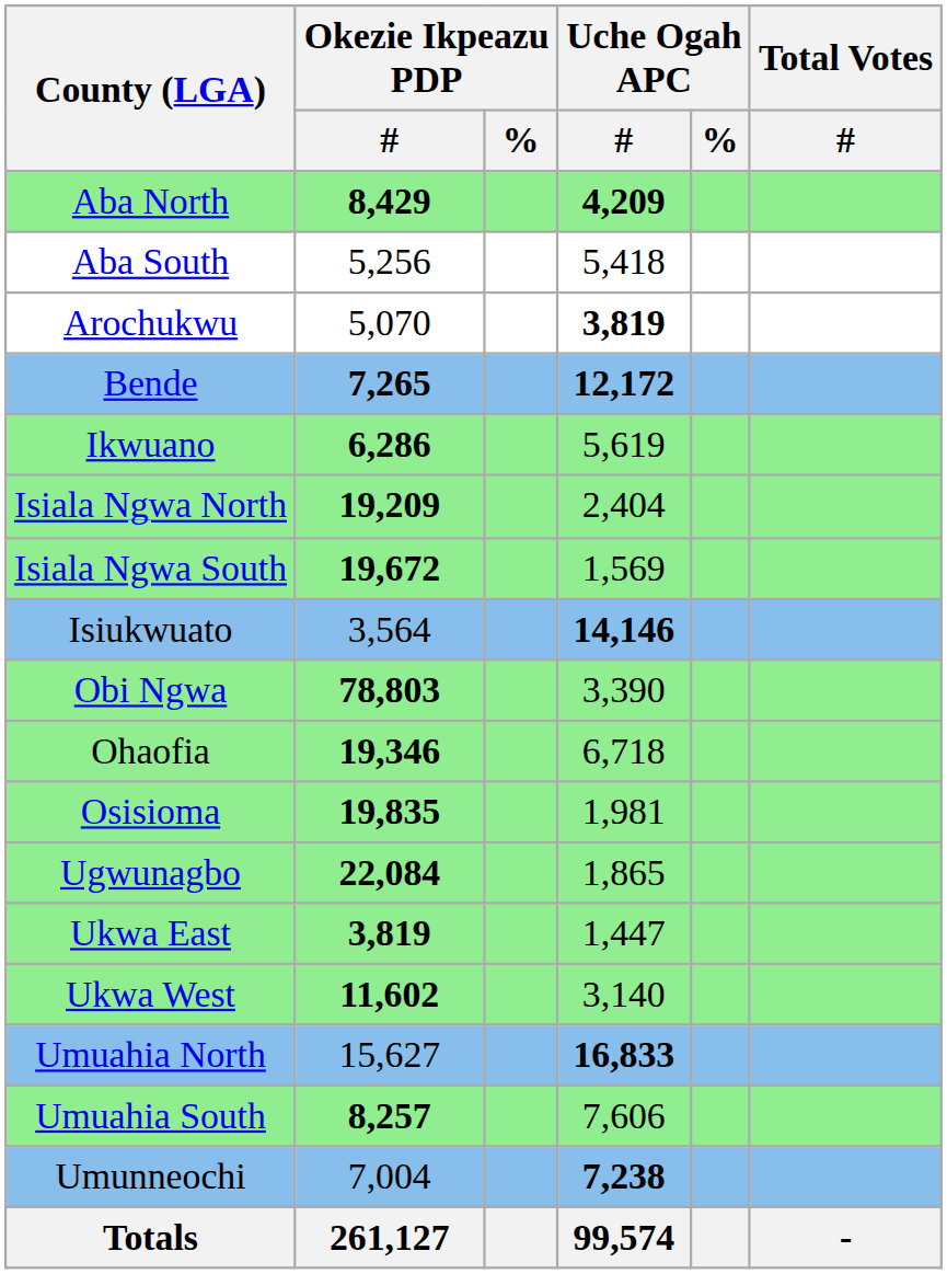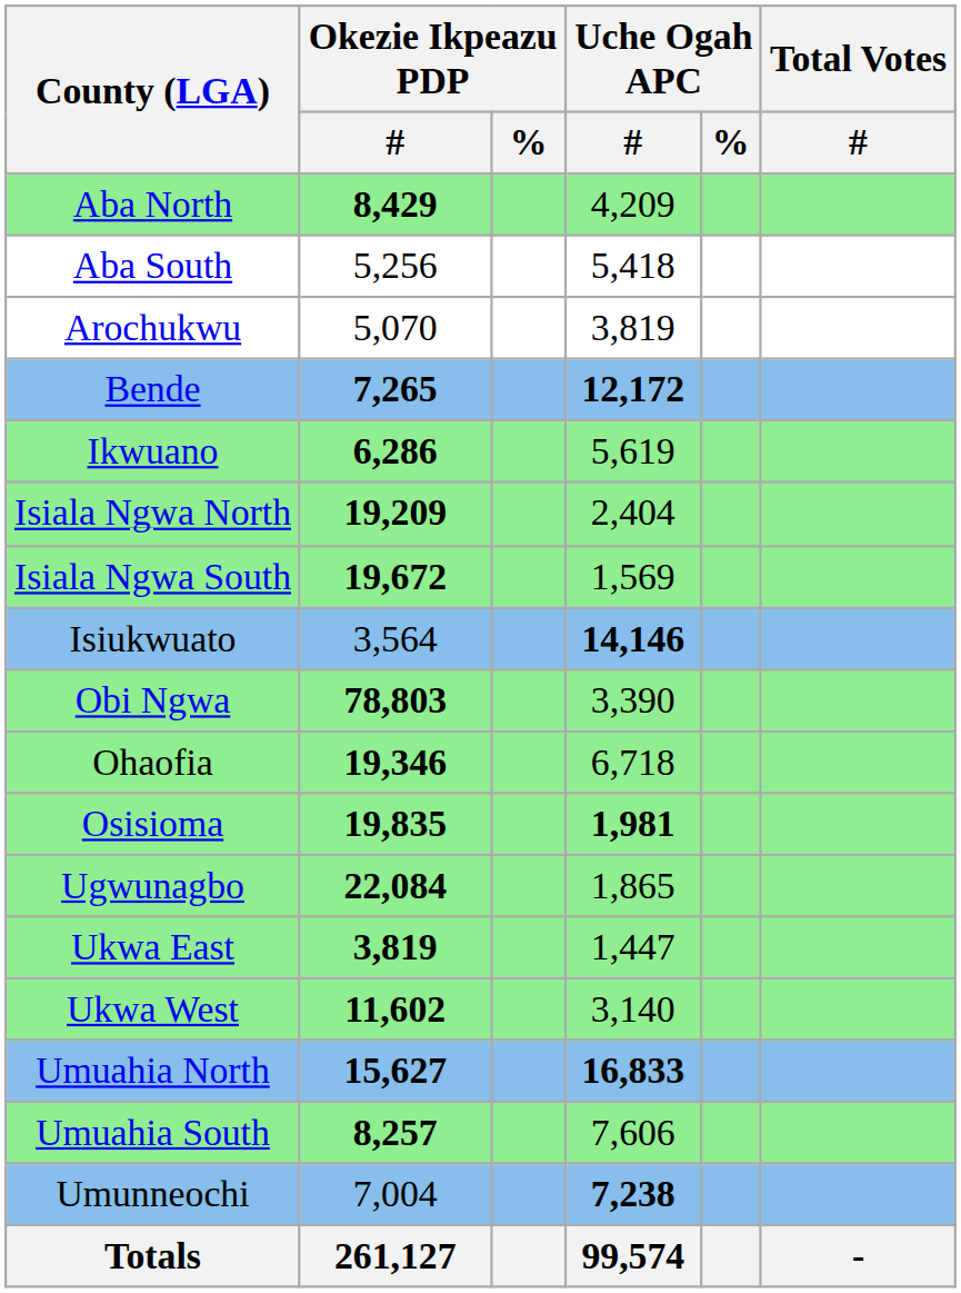 <table class="wikitable sortable" style=" font-size: 95%">
 <tr>
 <th rowspan="2">County (<a href='#'>LGA</a>)</th>
 <th colspan="2">Okezie Ikpeazu<br>PDP</th>
 <th colspan="2">Uche Ogah<br>APC</th>
 <th>Total Votes</th>
 </tr>
 <tr>
 <th>#</th>
 <th>%</th>
 <th>#</th>
 <th>%</th>
 <th>#</th>
 </tr>
 <tr>
 <td bgcolor=#90EE90 align="center"><a href='#'>Aba North</a></td>
 <td bgcolor=#90EE90 align="center"><strong>8,429</strong></td>
 <td bgcolor=#90EE90 align="center"></td>
-<td bgcolor=#90EE90 align="center"><strong>4,209</strong></td>
+<td bgcolor=#90EE90 align="center">4,209</td>
 <td bgcolor=#90EE90 align="center"></td>
 <td bgcolor=#90EE90 align="center"></td>
 </tr>
 <tr>
 <td bgcolor=#FFFFFF align="center"><a href='#'>Aba South</a></td>
 <td bgcolor=#FFFFFF align="center">5,256</td>
 <td bgcolor=#FFFFFF align="center"></td>
 <td bgcolor=#FFFFFF align="center">5,418</td>
 <td bgcolor=#FFFFFF align="center"></td>
 <td bgcolor=#FFFFFF align="center"></td>
 </tr>
 <tr>
 <td bgcolor=#FFFFFF align="center"><a href='#'>Arochukwu</a></td>
 <td bgcolor=#FFFFFF align="center">5,070</td>
 <td bgcolor=#FFFFFF align="center"></td>
-<td bgcolor=#FFFFFF align="center"><strong>3,819</strong></td>
+<td bgcolor=#FFFFFF align="center">3,819</td>
 <td bgcolor=#FFFFFF align="center"></td>
 <td bgcolor=#FFFFFF align="center"></td>
 </tr>
 <tr>
 <td bgcolor=#87BEEB align="center"><a href='#'>Bende</a></td>
 <td bgcolor=#87BEEB align="center"><strong>7,265</strong></td>
 <td bgcolor=#87BEEB align="center"></td>
 <td bgcolor=#87BEEB align="center"><strong>12,172</strong></td>
 <td bgcolor=#87BEEB align="center"></td>
 <td bgcolor=#87BEEB align="center"></td>
 </tr>
 <tr>
 <td bgcolor=#90EE90 align="center"><a href='#'>Ikwuano</a></td>
 <td bgcolor=#90EE90 align="center"><strong>6,286</strong></td>
 <td bgcolor=#90EE90 align="center"></td>
 <td bgcolor=#90EE90 align="center">5,619</td>
 <td bgcolor=#90EE90 align="center"></td>
 <td bgcolor=#90EE90 align="center"></td>
 </tr>
 <tr>
 <td bgcolor=#90EE90 align="center"><a href='#'>Isiala Ngwa North</a></td>
 <td bgcolor=#90EE90 align="center"><strong>19,209</strong></td>
 <td bgcolor=#90EE90 align="center"></td>
 <td bgcolor=#90EE90 align="center">2,404</td>
 <td bgcolor=#90EE90 align="center"></td>
 <td bgcolor=#90EE90 align="center"></td>
 </tr>
 <tr>
 <td bgcolor=#90EE90 align="center"><a href='#'>Isiala Ngwa South</a></td>
 <td bgcolor=#90EE90 align="center"><strong>19,672</strong></td>
 <td bgcolor=#90EE90 align="center"></td>
 <td bgcolor=#90EE90 align="center">1,569</td>
 <td bgcolor=#90EE90 align="center"></td>
 <td bgcolor=#90EE90 align="center"></td>
 </tr>
 <tr>
 <td bgcolor=#87BEEB align="center">Isiukwuato</td>
 <td bgcolor=#87BEEB align="center">3,564</td>
 <td bgcolor=#87BEEB align="center"></td>
 <td bgcolor=#87BEEB align="center"><strong>14,146</strong></td>
 <td bgcolor=#87BEEB align="center"></td>
 <td bgcolor=#87BEEB align="center"></td>
 </tr>
 <tr>
 <td bgcolor=#90EE90 align="center"><a href='#'>Obi Ngwa</a></td>
 <td bgcolor=#90EE90 align="center"><strong>78,803</strong></td>
 <td bgcolor=#90EE90 align="center"></td>
 <td bgcolor=#90EE90 align="center">3,390</td>
 <td bgcolor=#90EE90 align="center"></td>
 <td bgcolor=#90EE90 align="center"></td>
 </tr>
 <tr>
 <td bgcolor=#90EE90 align="center">Ohaofia</td>
 <td bgcolor=#90EE90 align="center"><strong>19,346</strong></td>
 <td bgcolor=#90EE90 align="center"></td>
 <td bgcolor=#90EE90 align="center">6,718</td>
 <td bgcolor=#90EE90 align="center"></td>
 <td bgcolor=#90EE90 align="center"></td>
 </tr>
 <tr>
 <td bgcolor=#90EE90 align="center"><a href='#'>Osisioma</a></td>
 <td bgcolor=#90EE90 align="center"><strong>19,835</strong></td>
 <td bgcolor=#90EE90 align="center"></td>
-<td bgcolor=#90EE90 align="center">1,981</td>
+<td bgcolor=#90EE90 align="center"><strong>1,981</strong></td>
 <td bgcolor=#90EE90 align="center"></td>
 <td bgcolor=#90EE90 align="center"></td>
 </tr>
 <tr>
 <td bgcolor=#90EE90 align="center"><a href='#'>Ugwunagbo</a></td>
 <td bgcolor=#90EE90 align="center"><strong>22,084</strong></td>
 <td bgcolor=#90EE90 align="center"></td>
 <td bgcolor=#90EE90 align="center">1,865</td>
 <td bgcolor=#90EE90 align="center"></td>
 <td bgcolor=#90EE90 align="center"></td>
 </tr>
 <tr>
 <td bgcolor=#90EE90 align="center"><a href='#'>Ukwa East</a></td>
 <td bgcolor=#90EE90 align="center"><strong>3,819</strong></td>
 <td bgcolor=#90EE90 align="center"></td>
 <td bgcolor=#90EE90 align="center">1,447</td>
 <td bgcolor=#90EE90 align="center"></td>
 <td bgcolor=#90EE90 align="center"></td>
 </tr>
 <tr>
 <td bgcolor=#90EE90 align="center"><a href='#'>Ukwa West</a></td>
 <td bgcolor=#90EE90 align="center"><strong>11,602</strong></td>
 <td bgcolor=#90EE90 align="center"></td>
 <td bgcolor=#90EE90 align="center">3,140</td>
 <td bgcolor=#90EE90 align="center"></td>
 <td bgcolor=#90EE90 align="center"></td>
 </tr>
 <tr>
 <td bgcolor=#87BEEB align="center"><a href='#'>Umuahia North</a></td>
-<td bgcolor=#87BEEB align="center">15,627</td>
+<td bgcolor=#87BEEB align="center"><strong>15,627</strong></td>
 <td bgcolor=#87BEEB align="center"></td>
 <td bgcolor=#87BEEB align="center"><strong>16,833</strong></td>
 <td bgcolor=#87BEEB align="center"></td>
 <td bgcolor=#87BEEB align="center"></td>
 </tr>
 <tr>
 <td bgcolor=#90EE90 align="center"><a href='#'>Umuahia South</a></td>
 <td bgcolor=#90EE90 align="center"><strong>8,257</strong></td>
 <td bgcolor=#90EE90 align="center"></td>
 <td bgcolor=#90EE90 align="center">7,606</td>
 <td bgcolor=#90EE90 align="center"></td>
 <td bgcolor=#90EE90 align="center"></td>
 </tr>
 <tr>
 <td bgcolor=#87BEEB align="center">Umunneochi</td>
 <td bgcolor=#87BEEB align="center">7,004</td>
 <td bgcolor=#87BEEB align="center"></td>
 <td bgcolor=#87BEEB align="center"><strong>7,238</strong></td>
 <td bgcolor=#87BEEB align="center"></td>
 <td bgcolor=#87BEEB align="center"></td>
 </tr>
 <tr>
 <th>Totals</th>
 <th>261,127</th>
 <th></th>
 <th>99,574</th>
 <th></th>
 <th>-</th>
 </tr>
 </table>
